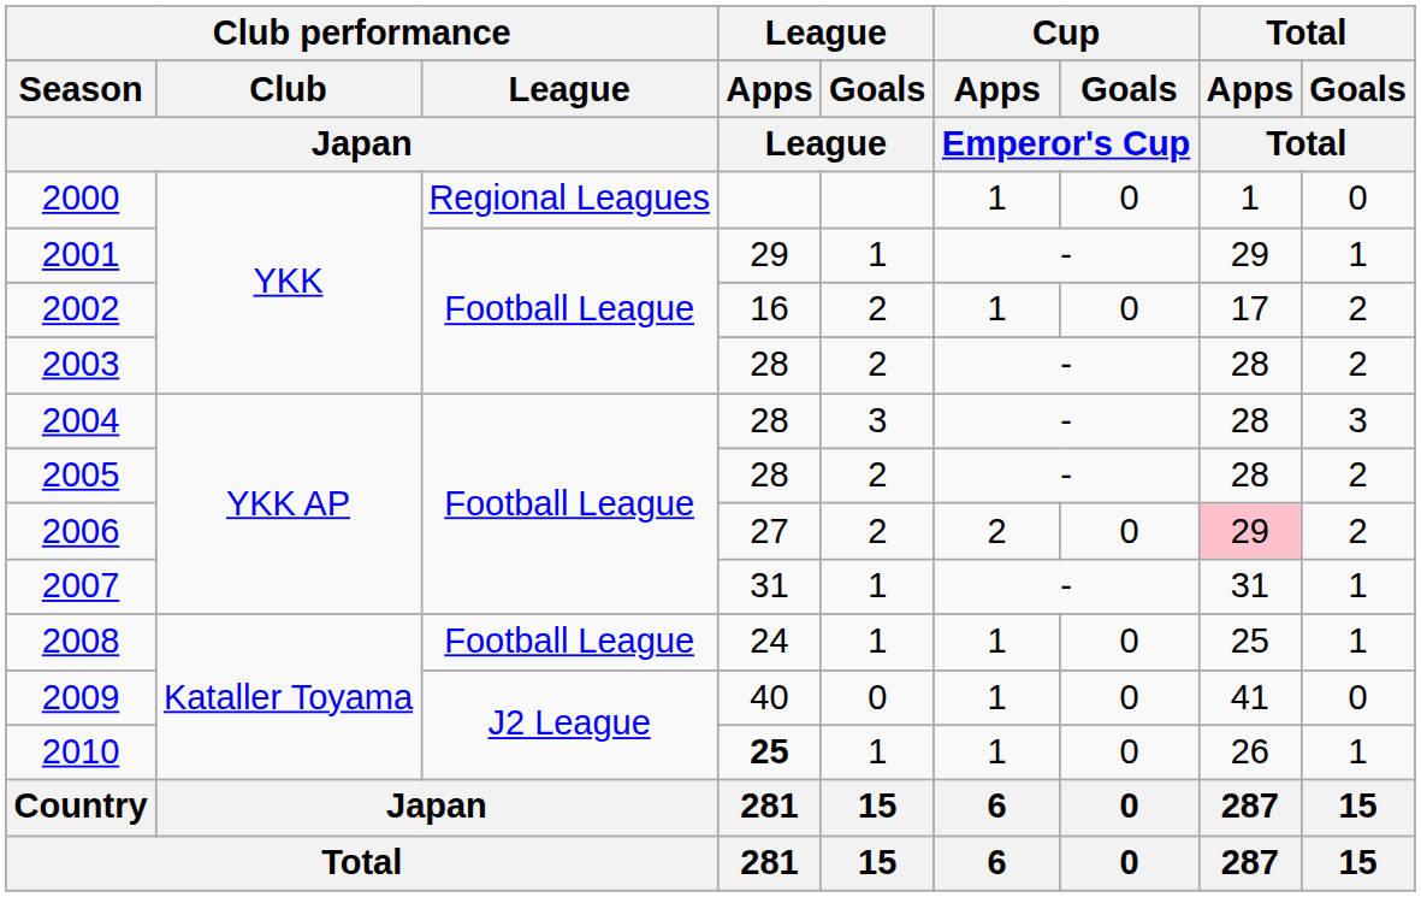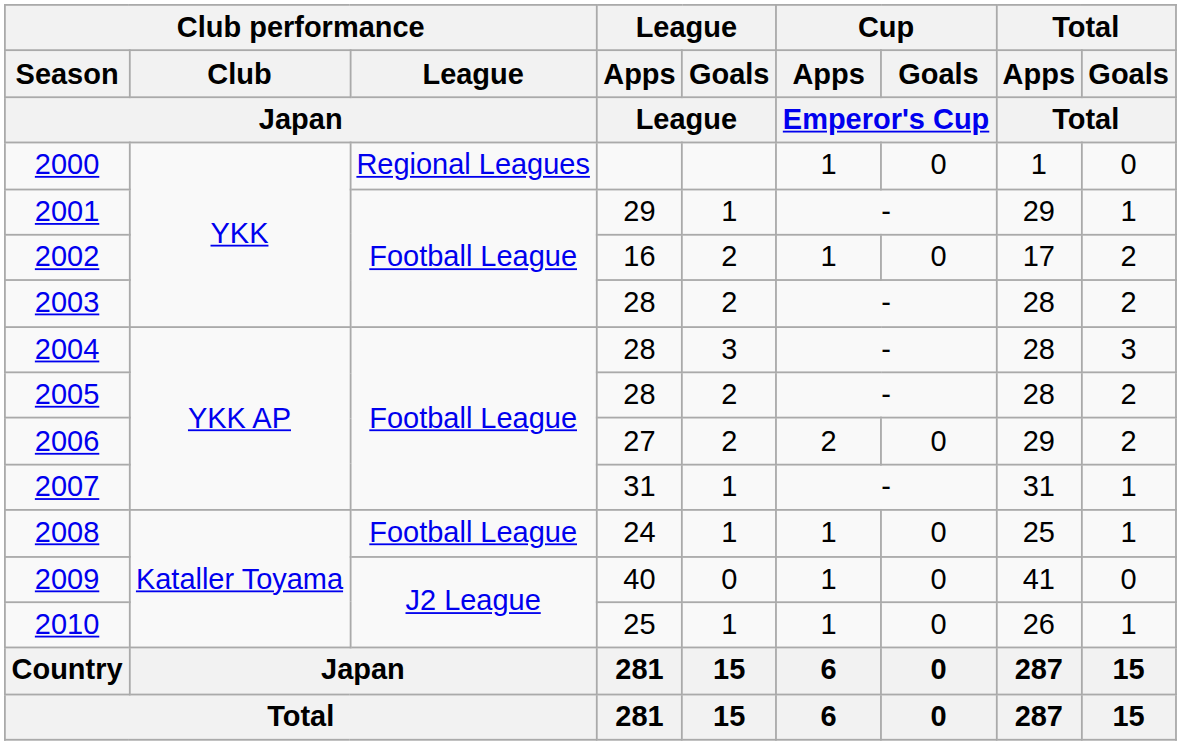 <table class="wikitable" style="text-align:center;">
 <tr>
 <th colspan=3>Club performance</th>
 <th colspan=2>League</th>
 <th colspan=2>Cup</th>
 <th colspan=2>Total</th>
 </tr>
 <tr>
 <th>Season</th>
 <th>Club</th>
 <th>League</th>
 <th>Apps</th>
 <th>Goals</th>
 <th>Apps</th>
 <th>Goals</th>
 <th>Apps</th>
 <th>Goals</th>
 </tr>
 <tr>
 <th colspan=3>Japan</th>
 <th colspan=2>League</th>
 <th colspan=2><a href='#'>Emperor's Cup</a></th>
 <th colspan=2>Total</th>
 </tr>
 <tr>
 <td><a href='#'>2000</a></td>
 <td rowspan="4"><a href='#'>YKK</a></td>
 <td><a href='#'>Regional Leagues</a></td>
 <td></td>
 <td></td>
 <td>1</td>
 <td>0</td>
 <td>1</td>
 <td>0</td>
 </tr>
 <tr>
 <td><a href='#'>2001</a></td>
 <td rowspan="3"><a href='#'>Football League</a></td>
 <td>29</td>
 <td>1</td>
 <td colspan="2">-</td>
 <td>29</td>
 <td>1</td>
 </tr>
 <tr>
 <td><a href='#'>2002</a></td>
 <td>16</td>
 <td>2</td>
 <td>1</td>
 <td>0</td>
 <td>17</td>
 <td>2</td>
 </tr>
 <tr>
 <td><a href='#'>2003</a></td>
 <td>28</td>
 <td>2</td>
 <td colspan="2">-</td>
 <td>28</td>
 <td>2</td>
 </tr>
 <tr>
 <td><a href='#'>2004</a></td>
 <td rowspan="4"><a href='#'>YKK AP</a></td>
 <td rowspan="4"><a href='#'>Football League</a></td>
 <td>28</td>
 <td>3</td>
 <td colspan="2">-</td>
 <td>28</td>
 <td>3</td>
 </tr>
 <tr>
 <td><a href='#'>2005</a></td>
 <td>28</td>
 <td>2</td>
 <td colspan="2">-</td>
 <td>28</td>
 <td>2</td>
 </tr>
 <tr>
 <td><a href='#'>2006</a></td>
 <td>27</td>
 <td>2</td>
 <td>2</td>
 <td>0</td>
-<td style="background: pink;">29</td>
+<td>29</td>
 <td>2</td>
 </tr>
 <tr>
 <td><a href='#'>2007</a></td>
 <td>31</td>
 <td>1</td>
 <td colspan="2">-</td>
 <td>31</td>
 <td>1</td>
 </tr>
 <tr>
 <td><a href='#'>2008</a></td>
 <td rowspan="3"><a href='#'>Kataller Toyama</a></td>
 <td><a href='#'>Football League</a></td>
 <td>24</td>
 <td>1</td>
 <td>1</td>
 <td>0</td>
 <td>25</td>
 <td>1</td>
 </tr>
 <tr>
 <td><a href='#'>2009</a></td>
 <td rowspan="2"><a href='#'>J2 League</a></td>
 <td>40</td>
 <td>0</td>
 <td>1</td>
 <td>0</td>
 <td>41</td>
 <td>0</td>
 </tr>
 <tr>
 <td><a href='#'>2010</a></td>
-<td><strong>25</strong></td>
+<td>25</td>
 <td>1</td>
 <td>1</td>
 <td>0</td>
 <td>26</td>
 <td>1</td>
 </tr>
 <tr>
 <th rowspan=1>Country</th>
 <th colspan=2>Japan</th>
 <th>281</th>
 <th>15</th>
 <th>6</th>
 <th>0</th>
 <th>287</th>
 <th>15</th>
 </tr>
 <tr>
 <th colspan=3>Total</th>
 <th>281</th>
 <th>15</th>
 <th>6</th>
 <th>0</th>
 <th>287</th>
 <th>15</th>
 </tr>
 </table>
